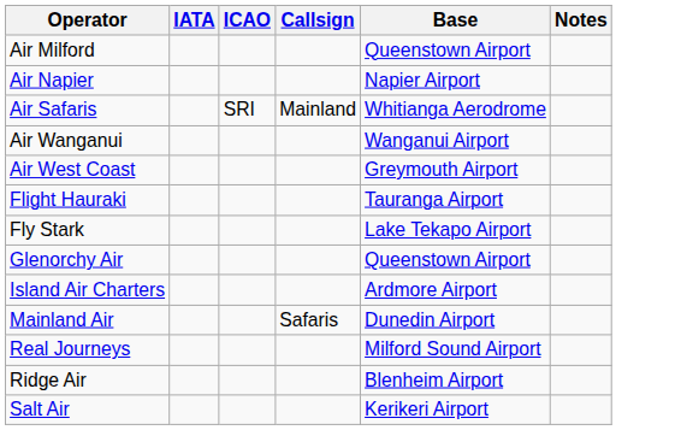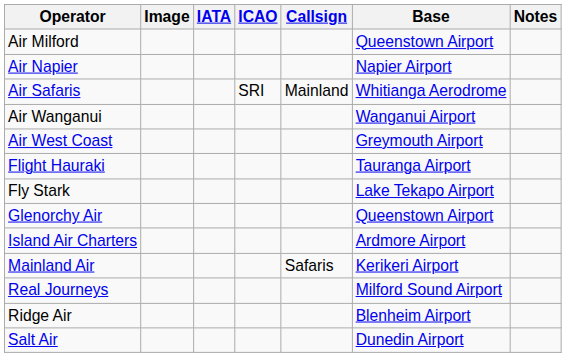 <table class="wikitable sortable" style="border: 0; cellpadding: 2; cellspacing: 3;">
 <tr style="vertical-align:middle;">
 <th>Operator</th>
+<th>Image</th>
 <th><a href='#'>IATA</a></th>
 <th><a href='#'>ICAO</a></th>
 <th><a href='#'>Callsign</a></th>
 <th>Base</th>
 <th class="unsortable">Notes</th>
 </tr>
 <tr>
 <td>Air Milford</td>
 <td></td>
 <td></td>
 <td></td>
+<td></td>
 <td><a href='#'>Queenstown Airport</a></td>
 <td></td>
 </tr>
 <tr>
 <td><a href='#'>Air Napier</a></td>
 <td></td>
 <td></td>
 <td></td>
+<td></td>
 <td><a href='#'>Napier Airport</a></td>
 <td></td>
 </tr>
 <tr>
 <td><a href='#'>Air Safaris</a></td>
+<td></td>
 <td></td>
 <td>SRI</td>
 <td>Mainland</td>
 <td><a href='#'>Whitianga Aerodrome</a></td>
 <td></td>
 </tr>
 <tr>
 <td>Air Wanganui</td>
 <td></td>
 <td></td>
 <td></td>
+<td></td>
 <td><a href='#'>Wanganui Airport</a></td>
 <td></td>
 </tr>
 <tr>
 <td><a href='#'>Air West Coast</a></td>
+<td></td>
 <td></td>
 <td></td>
 <td></td>
 <td><a href='#'>Greymouth Airport</a></td>
 <td></td>
 </tr>
 <tr>
 <td><a href='#'>Flight Hauraki</a></td>
 <td></td>
 <td></td>
 <td></td>
+<td></td>
 <td><a href='#'>Tauranga Airport</a></td>
 <td></td>
 </tr>
 <tr>
 <td>Fly Stark</td>
+<td></td>
 <td></td>
 <td></td>
 <td></td>
 <td><a href='#'>Lake Tekapo Airport</a></td>
 <td></td>
 </tr>
 <tr>
 <td><a href='#'>Glenorchy Air</a></td>
 <td></td>
 <td></td>
 <td></td>
+<td></td>
 <td><a href='#'>Queenstown Airport</a></td>
 <td></td>
 </tr>
 <tr>
 <td><a href='#'>Island Air Charters</a></td>
+<td></td>
 <td></td>
 <td></td>
 <td></td>
 <td><a href='#'>Ardmore Airport</a></td>
 <td></td>
 </tr>
 <tr>
 <td><a href='#'>Mainland Air</a></td>
 <td></td>
 <td></td>
+<td></td>
 <td>Safaris</td>
-<td><a href='#'>Dunedin Airport</a></td>
+<td><a href='#'>Kerikeri Airport</a></td>
 <td></td>
 </tr>
 <tr>
 <td><a href='#'>Real Journeys</a></td>
+<td></td>
 <td></td>
 <td></td>
 <td></td>
 <td><a href='#'>Milford Sound Airport</a></td>
 <td></td>
 </tr>
 <tr>
 <td>Ridge Air</td>
 <td></td>
 <td></td>
 <td></td>
+<td></td>
 <td><a href='#'>Blenheim Airport</a></td>
 <td></td>
 </tr>
 <tr>
 <td><a href='#'>Salt Air</a></td>
 <td></td>
 <td></td>
 <td></td>
-<td><a href='#'>Kerikeri Airport</a></td>
+<td></td>
+<td><a href='#'>Dunedin Airport</a></td>
 <td></td>
 </tr>
 </table>
